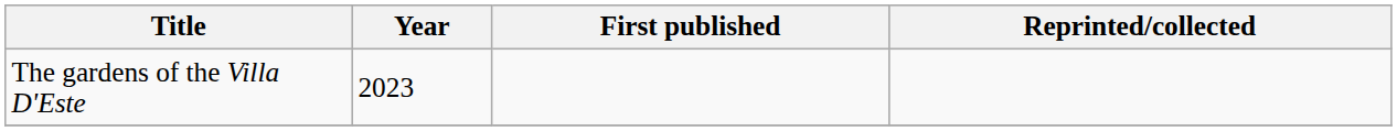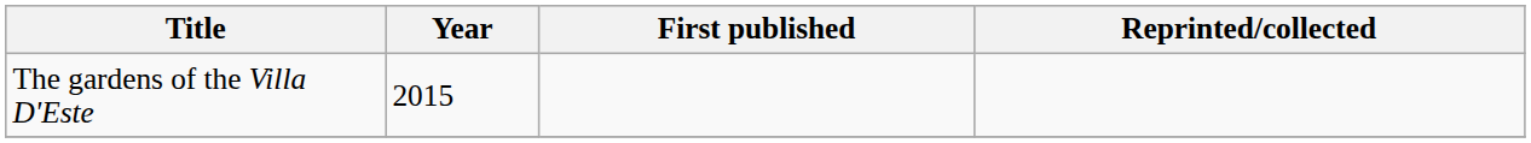 <table class='wikitable sortable' width='90%'>
 <tr>
 <th width=25%>Title</th>
 <th>Year</th>
 <th>First published</th>
 <th>Reprinted/collected</th>
 </tr>
 <tr>
 <td data-sort-value="gardens of the Villa D'Este">The gardens of the <em>Villa D'Este</em></td>
-<td>2023</td>
+<td>2015</td>
 <td></td>
 <td></td>
 </tr>
 <tr>
 </tr>
 </table>
